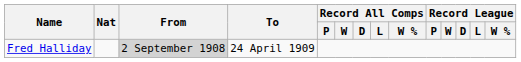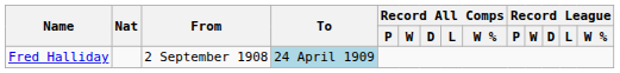 <table class="wikitable" style="text-align: center">
 <tr>
 <th rowspan="2">Name</th>
 <th rowspan="2">Nat</th>
 <th rowspan="2">From</th>
 <th rowspan="2">To</th>
 <th colspan="5">Record All Comps</th>
 <th colspan="5">Record League</th>
 </tr>
 <tr>
 <th>P</th>
 <th>W</th>
 <th>D</th>
 <th>L</th>
 <th>W %</th>
 <th>P</th>
 <th>W</th>
 <th>D</th>
 <th>L</th>
 <th>W %</th>
 </tr>
 <tr>
 <td style="text-align:left;"><a href='#'>Fred Halliday</a></td>
 <td></td>
-<td align=left style="background: lightgrey;">2 September 1908</td>
-<td align=left>24 April 1909<br> </td>
+<td align=left>2 September 1908</td>
+<td align=left style="background: lightblue;">24 April 1909<br> </td>
 </tr>
 </table>
